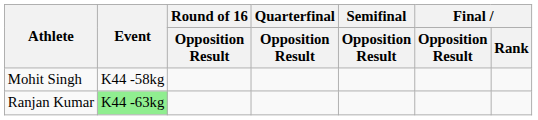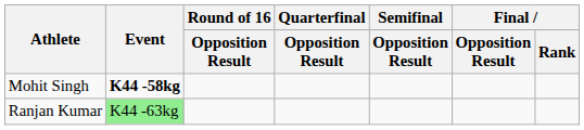 <table class="wikitable">
 <tr>
 <th rowspan="2">Athlete</th>
 <th rowspan="2">Event</th>
 <th>Round of 16</th>
 <th>Quarterfinal</th>
 <th>Semifinal</th>
 <th colspan="2">Final / </th>
 </tr>
 <tr>
 <th>Opposition<br>Result</th>
 <th>Opposition<br>Result</th>
 <th>Opposition<br>Result</th>
 <th>Opposition<br>Result</th>
 <th>Rank</th>
 </tr>
 <tr>
 <td>Mohit Singh</td>
-<td>K44 -58kg</td>
+<td><strong>K44 -58kg</strong></td>
 <td></td>
 <td></td>
 <td></td>
 <td></td>
 <td></td>
 </tr>
 <tr>
 <td>Ranjan Kumar</td>
 <td style="background: lightgreen;">K44 -63kg</td>
 <td></td>
 <td></td>
 <td></td>
 <td></td>
 <td></td>
 </tr>
 </table>
